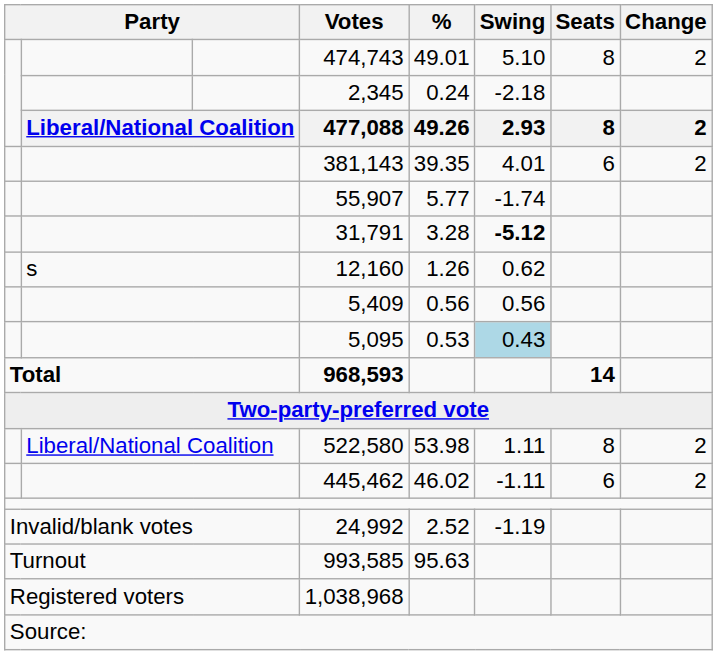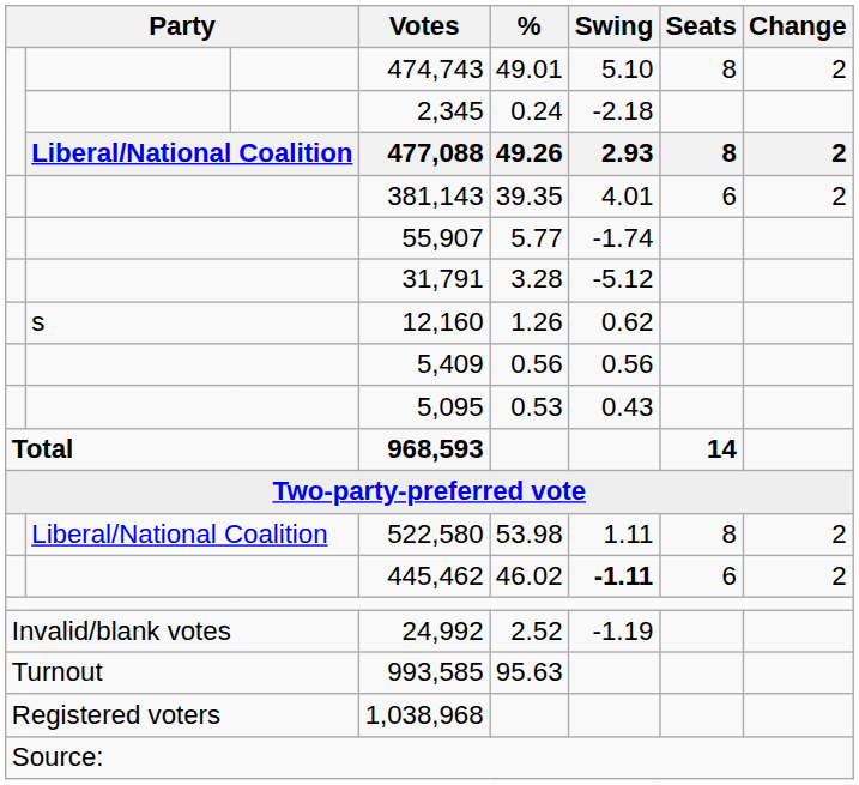 <table class="wikitable">
 <tr>
 <th colspan="3" style="width:200px"><strong>Party</strong></th>
 <th style="width:70px; text-align:center;"><strong>Votes</strong></th>
 <th style="width:40px; text-align:center;"><strong>%</strong></th>
 <th style="width:40px; text-align:center;"><strong>Swing</strong></th>
 <th style="width:40px; text-align:center;"><strong>Seats</strong></th>
 <th style="width:40px; text-align:center;"><strong>Change</strong></th>
 </tr>
 <tr>
 <td rowspan="3"> </td>
 <td> </td>
 <td></td>
 <td align=right>474,743</td>
 <td align=right>49.01</td>
 <td align=right>5.10</td>
 <td align=right>8</td>
 <td align=right> 2</td>
 </tr>
 <tr>
 <td> </td>
 <td></td>
 <td align=right>2,345</td>
 <td align=right>0.24</td>
 <td align=right>-2.18</td>
 <td align=right></td>
 <td align=right></td>
 </tr>
 <tr>
 <th colspan="2" style="text-align:left;"><a href='#'>Liberal/National Coalition</a></th>
 <th style="text-align:right;">477,088</th>
 <th style="text-align:right;">49.26</th>
 <th style="text-align:right;">2.93</th>
 <th style="text-align:right;">8</th>
 <th style="text-align:right;"> 2</th>
 </tr>
 <tr>
 <td> </td>
 <td colspan=2></td>
 <td align=right>381,143</td>
 <td align=right>39.35</td>
 <td align=right>4.01</td>
 <td align=right>6</td>
 <td align=right> 2</td>
 </tr>
 <tr>
 <td> </td>
 <td colspan=2></td>
 <td align=right>55,907</td>
 <td align=right>5.77</td>
 <td align=right>-1.74</td>
 <td align=right></td>
 <td align=right></td>
 </tr>
 <tr>
 <td> </td>
 <td colspan=2></td>
 <td align=right>31,791</td>
 <td align=right>3.28</td>
-<td align=right><strong>-5.12</strong></td>
+<td align=right>-5.12</td>
 <td align=right></td>
 <td align=right></td>
 </tr>
 <tr>
 <td> </td>
 <td colspan=2>s</td>
 <td align=right>12,160</td>
 <td align=right>1.26</td>
 <td align=right>0.62</td>
 <td align=right></td>
 <td align=right></td>
 </tr>
 <tr>
 <td> </td>
 <td colspan=2></td>
 <td align=right>5,409</td>
 <td align=right>0.56</td>
 <td align=right>0.56</td>
 <td align=right></td>
 <td align=right></td>
 </tr>
 <tr>
 <td> </td>
 <td colspan=2></td>
 <td align=right>5,095</td>
 <td align=right>0.53</td>
-<td align=right style="background: lightblue;">0.43</td>
+<td align=right>0.43</td>
 <td align=right></td>
 <td align=right></td>
 </tr>
 <tr>
 <td colspan="3" align="left"><strong>Total</strong></td>
 <td align=right><strong>968,593</strong></td>
 <td align=right></td>
 <td align=right></td>
 <td align=right><strong>14</strong></td>
 <td align=right></td>
 </tr>
 <tr>
 <td colspan="8" style="text-align:center; background:#eee;"><strong><a href='#'>Two-party-preferred vote</a></strong></td>
 </tr>
 <tr>
 <td> </td>
 <td colspan="2"><a href='#'>Liberal/National Coalition</a></td>
 <td align="right">522,580</td>
 <td align="right">53.98</td>
 <td align="right">1.11</td>
 <td align="right">8</td>
 <td align="right"> 2</td>
 </tr>
 <tr>
 <td> </td>
 <td colspan=2></td>
 <td align=right>445,462</td>
 <td align=right>46.02</td>
-<td align=right>-1.11</td>
+<td align=right><strong>-1.11</strong></td>
 <td align=right>6</td>
 <td align=right> 2</td>
 </tr>
 <tr>
 <td colspan="8"></td>
 </tr>
 <tr>
 <td colspan="3" style="text-align:left;">Invalid/blank votes</td>
 <td align=right>24,992</td>
 <td align=right>2.52</td>
 <td align=right>-1.19</td>
 <td></td>
 <td></td>
 </tr>
 <tr>
 <td colspan="3" style="text-align:left;">Turnout</td>
 <td align=right>993,585</td>
 <td align=right>95.63</td>
 <td></td>
 <td></td>
 <td></td>
 </tr>
 <tr>
 <td colspan="3" style="text-align:left;">Registered voters</td>
 <td align=right>1,038,968</td>
 <td></td>
 <td></td>
 <td></td>
 <td></td>
 </tr>
 <tr>
 <td colspan="8" align="left">Source: </td>
 </tr>
 </table>
